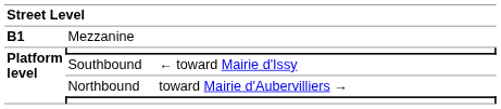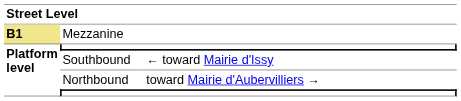 <table cellspacing="0" cellpadding="3" border="0">
 <tr>
 <td colspan="3" data-darkreader-inline-border-bottom="" data-darkreader-inline-border-top="" style="border-bottom:solid 1px gray;border-top:solid 1px gray;" width="50" valign="top"><strong>Street Level</strong></td>
 </tr>
 <tr>
-<td data-darkreader-inline-border-bottom="" style="border-bottom:solid 1px gray;" width="50" valign="top"><strong>B1</strong></td>
+<td data-darkreader-inline-border-bottom="" style="background: khaki; border-bottom:solid 1px gray;" width="50" valign="top"><strong>B1</strong></td>
 <td colspan="2" data-darkreader-inline-border-bottom="" style="border-bottom:solid 1px gray;" width="100" valign="top">Mezzanine</td>
 </tr>
 <tr>
 <td rowspan="4" data-darkreader-inline-border-bottom="" style="border-bottom:solid 1px gray;" width="50" valign="top"><strong>Platform level</strong></td>
 <td colspan="2" data-darkreader-inline-border-bottom="" data-darkreader-inline-border-left="" data-darkreader-inline-border-right="" style="border-right:solid 2px black;border-left:solid 2px black;border-bottom:solid 2px black;text-align:center;"></td>
 </tr>
 <tr>
 <td data-darkreader-inline-border-bottom="" style="border-bottom:solid 1px gray;" width="100">Southbound</td>
 <td data-darkreader-inline-border-bottom="" style="border-bottom:solid 1px gray;" width="390">←   toward <a href='#'>Mairie d'Issy</a> </td>
 </tr>
 <tr>
 <td>Northbound</td>
 <td>   toward <a href='#'>Mairie d'Aubervilliers</a>  →</td>
 </tr>
 <tr>
 <td colspan="2" data-darkreader-inline-border-bottom="" data-darkreader-inline-border-left="" data-darkreader-inline-border-right="" data-darkreader-inline-border-top="" style="border-top:solid 2px black;border-right:solid 2px black;border-left:solid 2px black;border-bottom:solid 1px gray;text-align:center;"></td>
 </tr>
 </table>
